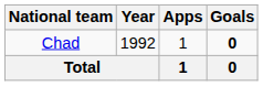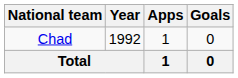 <table class="wikitable" style="text-align: center;">
 <tr>
 <th>National team</th>
 <th>Year</th>
 <th>Apps</th>
 <th>Goals</th>
 </tr>
 <tr>
 <td><a href='#'>Chad</a></td>
 <td>1992</td>
 <td>1</td>
-<td><strong>0</strong></td>
+<td>0</td>
 </tr>
 <tr>
 <th colspan="2">Total</th>
 <th>1</th>
 <th>0</th>
 </tr>
 </table>
